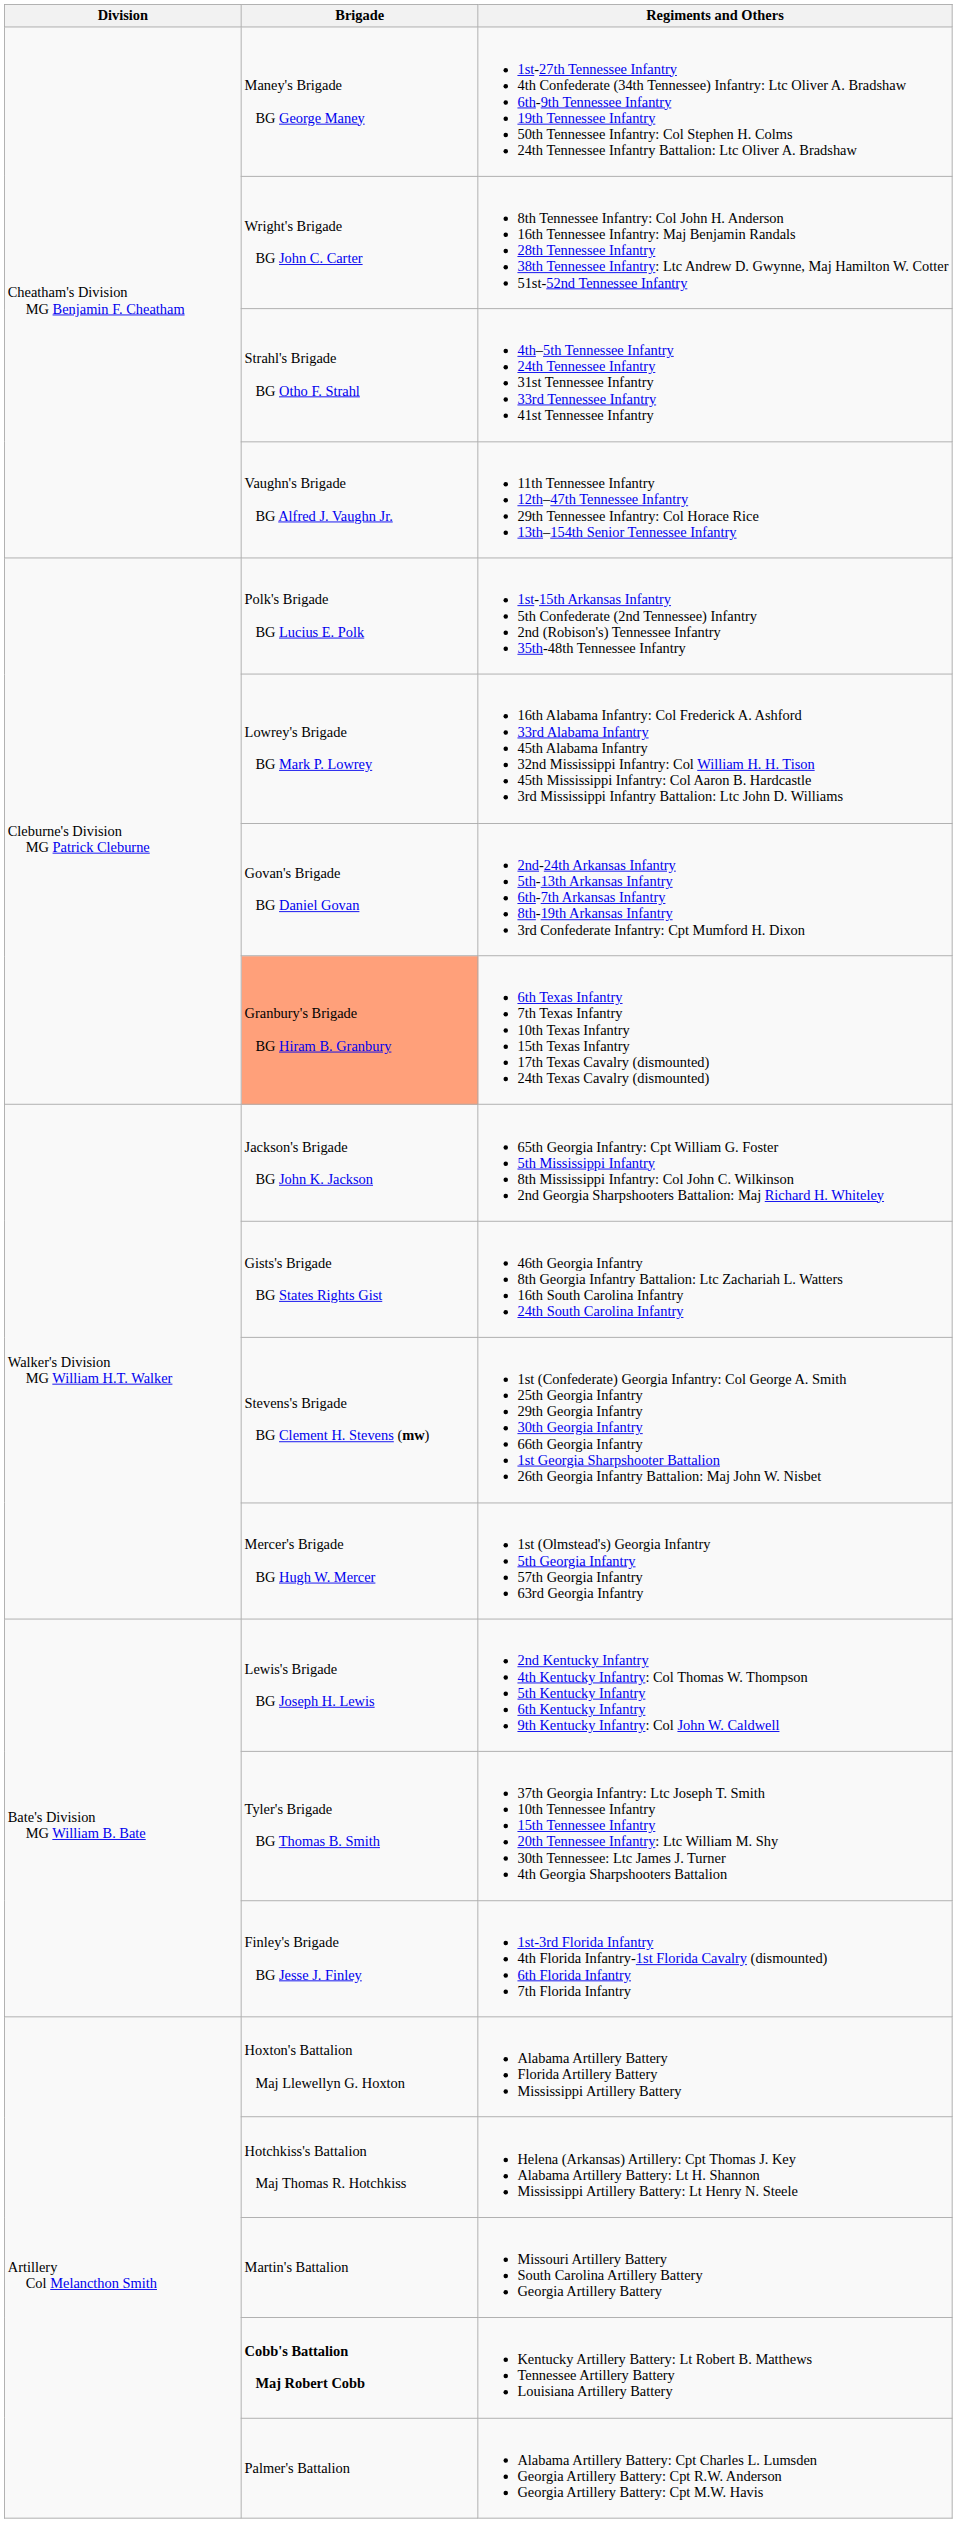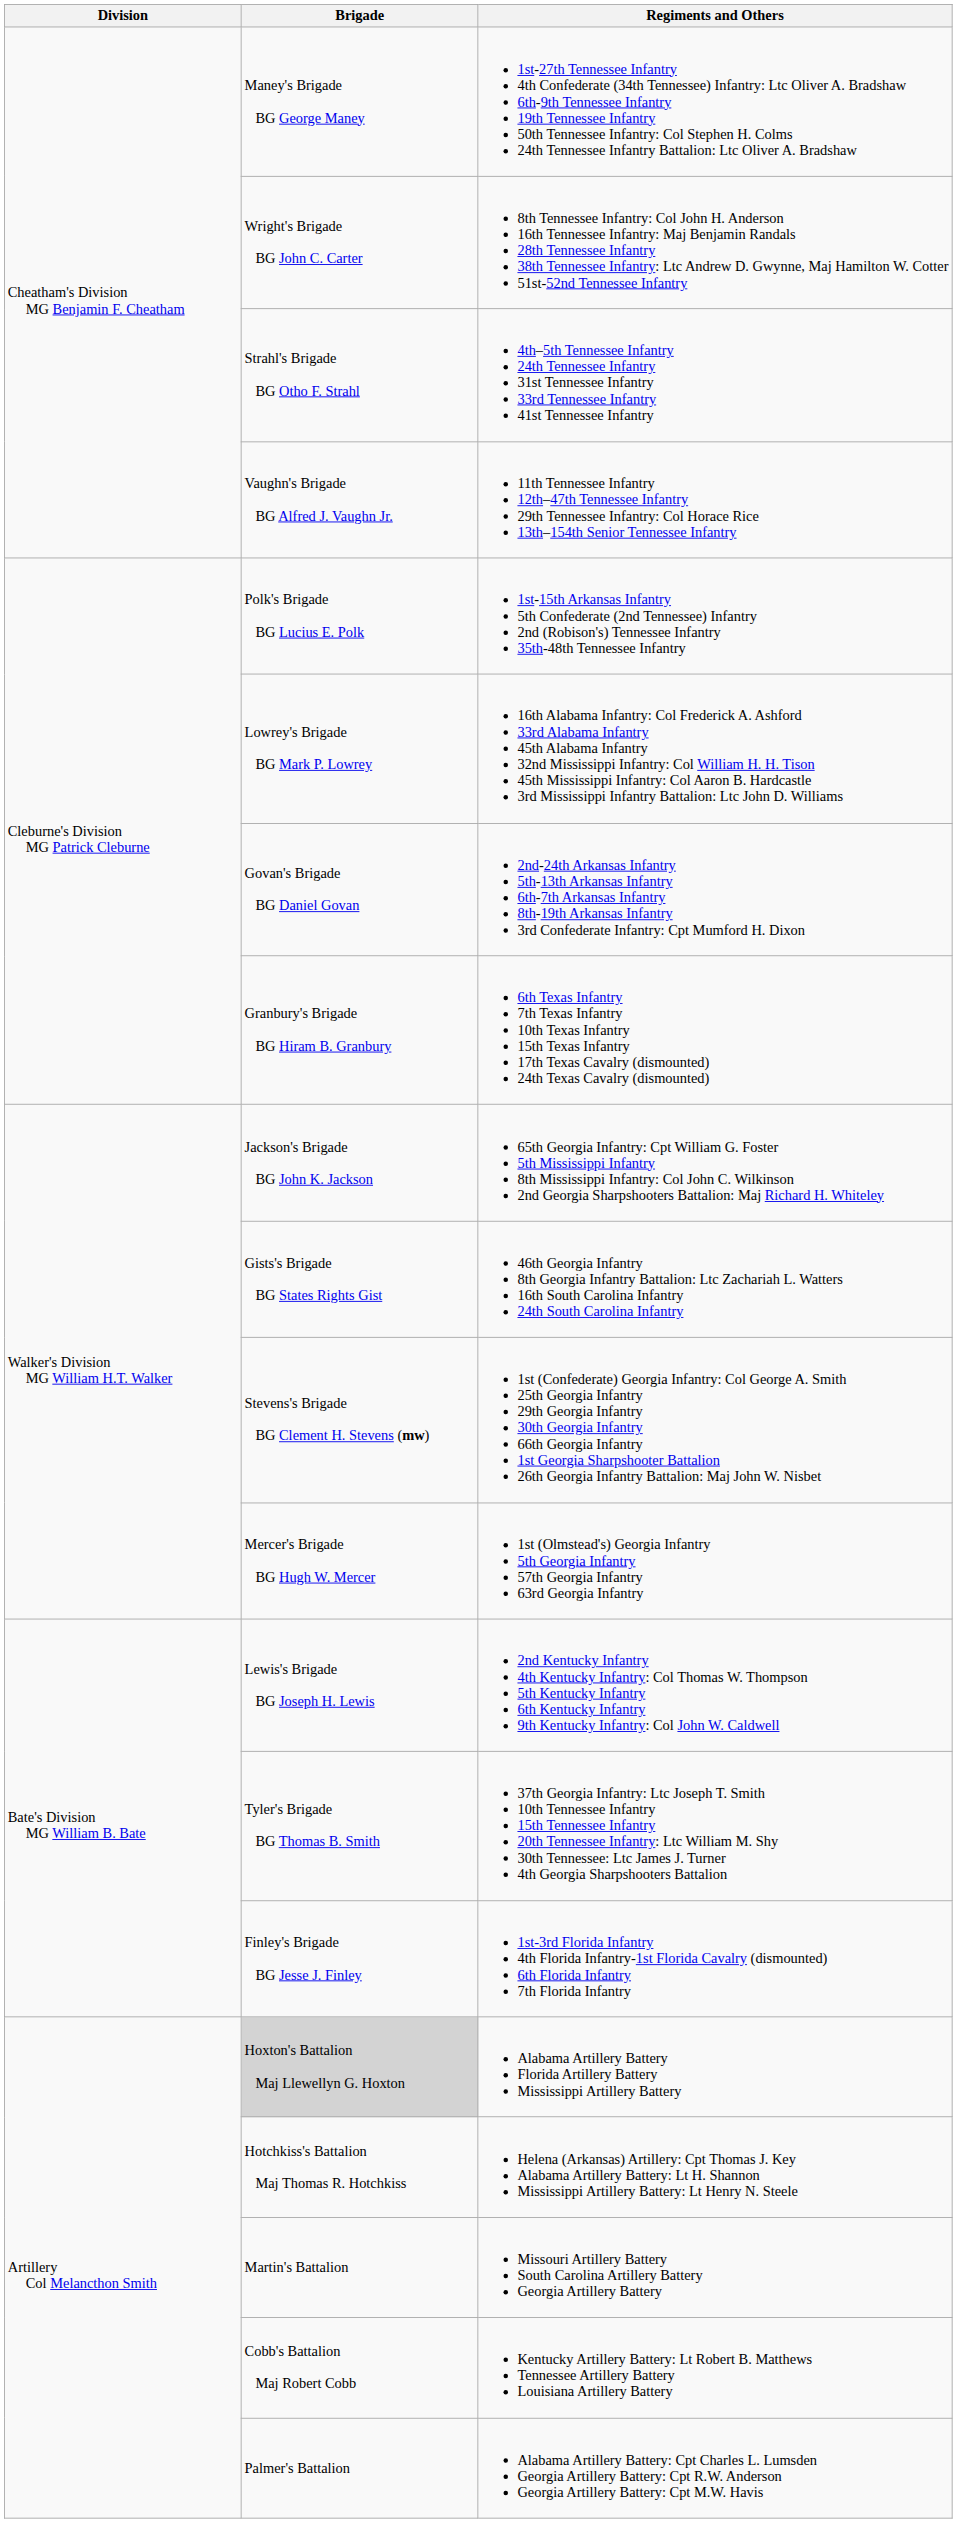 <table class="wikitable">
 <tr>
 <th style="width:25%;">Division</th>
 <th style="width:25%;">Brigade</th>
 <th>Regiments and Others</th>
 </tr>
 <tr>
 <td rowspan=4><br>Cheatham's Division <br>     MG <a href='#'>Benjamin F. Cheatham</a></td>
 <td>Maney's Brigade<br><br>   BG <a href='#'>George Maney</a></td>
 <td><br><ul><li><a href='#'>1st</a>-<a href='#'>27th Tennessee Infantry</a></li><li>4th Confederate (34th Tennessee) Infantry: Ltc Oliver A. Bradshaw</li><li><a href='#'>6th</a>-<a href='#'>9th Tennessee Infantry</a></li><li><a href='#'>19th Tennessee Infantry</a></li><li>50th Tennessee Infantry: Col Stephen H. Colms</li><li>24th Tennessee Infantry Battalion: Ltc Oliver A. Bradshaw</li></ul></td>
 </tr>
 <tr>
 <td>Wright's Brigade<br><br>   BG <a href='#'>John C. Carter</a></td>
 <td><br><ul><li>8th Tennessee Infantry: Col John H. Anderson</li><li>16th Tennessee Infantry: Maj Benjamin Randals</li><li><a href='#'>28th Tennessee Infantry</a></li><li><a href='#'>38th Tennessee Infantry</a>: Ltc Andrew D. Gwynne, Maj Hamilton W. Cotter</li><li>51st-<a href='#'>52nd Tennessee Infantry</a></li></ul></td>
 </tr>
 <tr>
 <td>Strahl's Brigade<br><br>   BG <a href='#'>Otho F. Strahl</a></td>
 <td><br><ul><li><a href='#'>4th</a>–<a href='#'>5th Tennessee Infantry</a></li><li><a href='#'>24th Tennessee Infantry</a></li><li>31st Tennessee Infantry</li><li><a href='#'>33rd Tennessee Infantry</a></li><li>41st Tennessee Infantry</li></ul></td>
 </tr>
 <tr>
 <td>Vaughn's Brigade<br><br>   BG <a href='#'>Alfred J. Vaughn Jr.</a></td>
 <td><br><ul><li>11th Tennessee Infantry</li><li><a href='#'>12th</a>–<a href='#'>47th Tennessee Infantry</a></li><li>29th Tennessee Infantry: Col Horace Rice</li><li><a href='#'>13th</a>–<a href='#'>154th Senior Tennessee Infantry</a></li></ul></td>
 </tr>
 <tr>
 <td rowspan=4><br>Cleburne's Division <br>     MG <a href='#'>Patrick Cleburne</a></td>
 <td>Polk's Brigade<br><br>   BG <a href='#'>Lucius E. Polk</a></td>
 <td><br><ul><li><a href='#'>1st</a>-<a href='#'>15th Arkansas Infantry</a></li><li>5th Confederate (2nd Tennessee) Infantry</li><li>2nd (Robison's) Tennessee Infantry</li><li><a href='#'>35th</a>-48th Tennessee Infantry</li></ul></td>
 </tr>
 <tr>
 <td>Lowrey's Brigade<br><br>   BG <a href='#'>Mark P. Lowrey</a></td>
 <td><br><ul><li>16th Alabama Infantry: Col Frederick A. Ashford</li><li><a href='#'>33rd Alabama Infantry</a></li><li>45th Alabama Infantry</li><li>32nd Mississippi Infantry: Col <a href='#'>William H. H. Tison</a></li><li>45th Mississippi Infantry: Col Aaron B. Hardcastle</li><li>3rd Mississippi Infantry Battalion: Ltc John D. Williams</li></ul></td>
 </tr>
 <tr>
 <td>Govan's Brigade<br><br>   BG <a href='#'>Daniel Govan</a></td>
 <td><br><ul><li><a href='#'>2nd</a>-<a href='#'>24th Arkansas Infantry</a></li><li><a href='#'>5th</a>-<a href='#'>13th Arkansas Infantry</a></li><li><a href='#'>6th</a>-<a href='#'>7th Arkansas Infantry</a></li><li><a href='#'>8th</a>-<a href='#'>19th Arkansas Infantry</a></li><li>3rd Confederate Infantry: Cpt Mumford H. Dixon</li></ul></td>
 </tr>
 <tr>
-<td style="background: lightsalmon;">Granbury's Brigade<br><br>   BG <a href='#'>Hiram B. Granbury</a></td>
+<td>Granbury's Brigade<br><br>   BG <a href='#'>Hiram B. Granbury</a></td>
 <td><br><ul><li><a href='#'>6th Texas Infantry</a></li><li>7th Texas Infantry</li><li>10th Texas Infantry</li><li>15th Texas Infantry</li><li>17th Texas Cavalry (dismounted)</li><li>24th Texas Cavalry (dismounted)</li></ul></td>
 </tr>
 <tr>
 <td rowspan=4><br>Walker's Division <br>     MG <a href='#'>William H.T. Walker</a></td>
 <td>Jackson's Brigade<br><br>   BG <a href='#'>John K. Jackson</a></td>
 <td><br><ul><li>65th Georgia Infantry: Cpt William G. Foster</li><li><a href='#'>5th Mississippi Infantry</a></li><li>8th Mississippi Infantry: Col John C. Wilkinson</li><li>2nd Georgia Sharpshooters Battalion: Maj <a href='#'>Richard H. Whiteley</a></li></ul></td>
 </tr>
 <tr>
 <td>Gists's Brigade<br><br>   BG <a href='#'>States Rights Gist</a></td>
 <td><br><ul><li>46th Georgia Infantry</li><li>8th Georgia Infantry Battalion: Ltc Zachariah L. Watters</li><li>16th South Carolina Infantry</li><li><a href='#'>24th South Carolina Infantry</a></li></ul></td>
 </tr>
 <tr>
 <td>Stevens's Brigade<br><br>   BG <a href='#'>Clement H. Stevens</a> (<strong>mw</strong>)</td>
 <td><br><ul><li>1st (Confederate) Georgia Infantry: Col George A. Smith</li><li>25th Georgia Infantry</li><li>29th Georgia Infantry</li><li><a href='#'>30th Georgia Infantry</a></li><li>66th Georgia Infantry</li><li><a href='#'>1st Georgia Sharpshooter Battalion</a></li><li>26th Georgia Infantry Battalion: Maj John W. Nisbet</li></ul></td>
 </tr>
 <tr>
 <td>Mercer's Brigade<br><br>   BG <a href='#'>Hugh W. Mercer</a></td>
 <td><br><ul><li>1st (Olmstead's) Georgia Infantry</li><li><a href='#'>5th Georgia Infantry</a></li><li>57th Georgia Infantry</li><li>63rd Georgia Infantry</li></ul></td>
 </tr>
 <tr>
 <td rowspan=3><br>Bate's Division <br>     MG <a href='#'>William B. Bate</a></td>
 <td>Lewis's Brigade<br><br>   BG <a href='#'>Joseph H. Lewis</a></td>
 <td><br><ul><li><a href='#'>2nd Kentucky Infantry</a></li><li><a href='#'>4th Kentucky Infantry</a>: Col Thomas W. Thompson</li><li><a href='#'>5th Kentucky Infantry</a></li><li><a href='#'>6th Kentucky Infantry</a></li><li><a href='#'>9th Kentucky Infantry</a>: Col <a href='#'>John W. Caldwell</a></li></ul></td>
 </tr>
 <tr>
 <td>Tyler's Brigade<br><br>   BG <a href='#'>Thomas B. Smith</a></td>
 <td><br><ul><li>37th Georgia Infantry: Ltc Joseph T. Smith</li><li>10th Tennessee Infantry</li><li><a href='#'>15th Tennessee Infantry</a></li><li><a href='#'>20th Tennessee Infantry</a>: Ltc William M. Shy</li><li>30th Tennessee: Ltc James J. Turner</li><li>4th Georgia Sharpshooters Battalion</li></ul></td>
 </tr>
 <tr>
 <td>Finley's Brigade<br><br>   BG <a href='#'>Jesse J. Finley</a></td>
 <td><br><ul><li><a href='#'>1st-3rd Florida Infantry</a></li><li>4th Florida Infantry-<a href='#'>1st Florida Cavalry</a> (dismounted)</li><li><a href='#'>6th Florida Infantry</a></li><li>7th Florida Infantry</li></ul></td>
 </tr>
 <tr>
 <td rowspan=5><br>Artillery <br>     Col <a href='#'>Melancthon Smith</a></td>
-<td>Hoxton's Battalion<br><br>   Maj Llewellyn G. Hoxton</td>
+<td style="background: lightgrey;">Hoxton's Battalion<br><br>   Maj Llewellyn G. Hoxton</td>
 <td><br><ul><li>Alabama Artillery Battery</li><li>Florida Artillery Battery</li><li>Mississippi Artillery Battery</li></ul></td>
 </tr>
 <tr>
 <td>Hotchkiss's Battalion<br><br>   Maj Thomas R. Hotchkiss</td>
 <td><br><ul><li>Helena (Arkansas) Artillery: Cpt Thomas J. Key</li><li>Alabama Artillery Battery: Lt H. Shannon</li><li>Mississippi Artillery Battery: Lt Henry N. Steele</li></ul></td>
 </tr>
 <tr>
 <td>Martin's Battalion</td>
 <td><br><ul><li>Missouri Artillery Battery</li><li>South Carolina Artillery Battery</li><li>Georgia Artillery Battery</li></ul></td>
 </tr>
 <tr>
-<td><strong>Cobb's Battalion<br><br>   Maj Robert Cobb</strong></td>
+<td>Cobb's Battalion<br><br>   Maj Robert Cobb</td>
 <td><br><ul><li>Kentucky Artillery Battery: Lt Robert B. Matthews</li><li>Tennessee Artillery Battery</li><li>Louisiana Artillery Battery</li></ul></td>
 </tr>
 <tr>
 <td>Palmer's Battalion</td>
 <td><br><ul><li>Alabama Artillery Battery: Cpt Charles L. Lumsden</li><li>Georgia Artillery Battery: Cpt R.W. Anderson</li><li>Georgia Artillery Battery: Cpt M.W. Havis</li></ul></td>
 </tr>
 </table>
